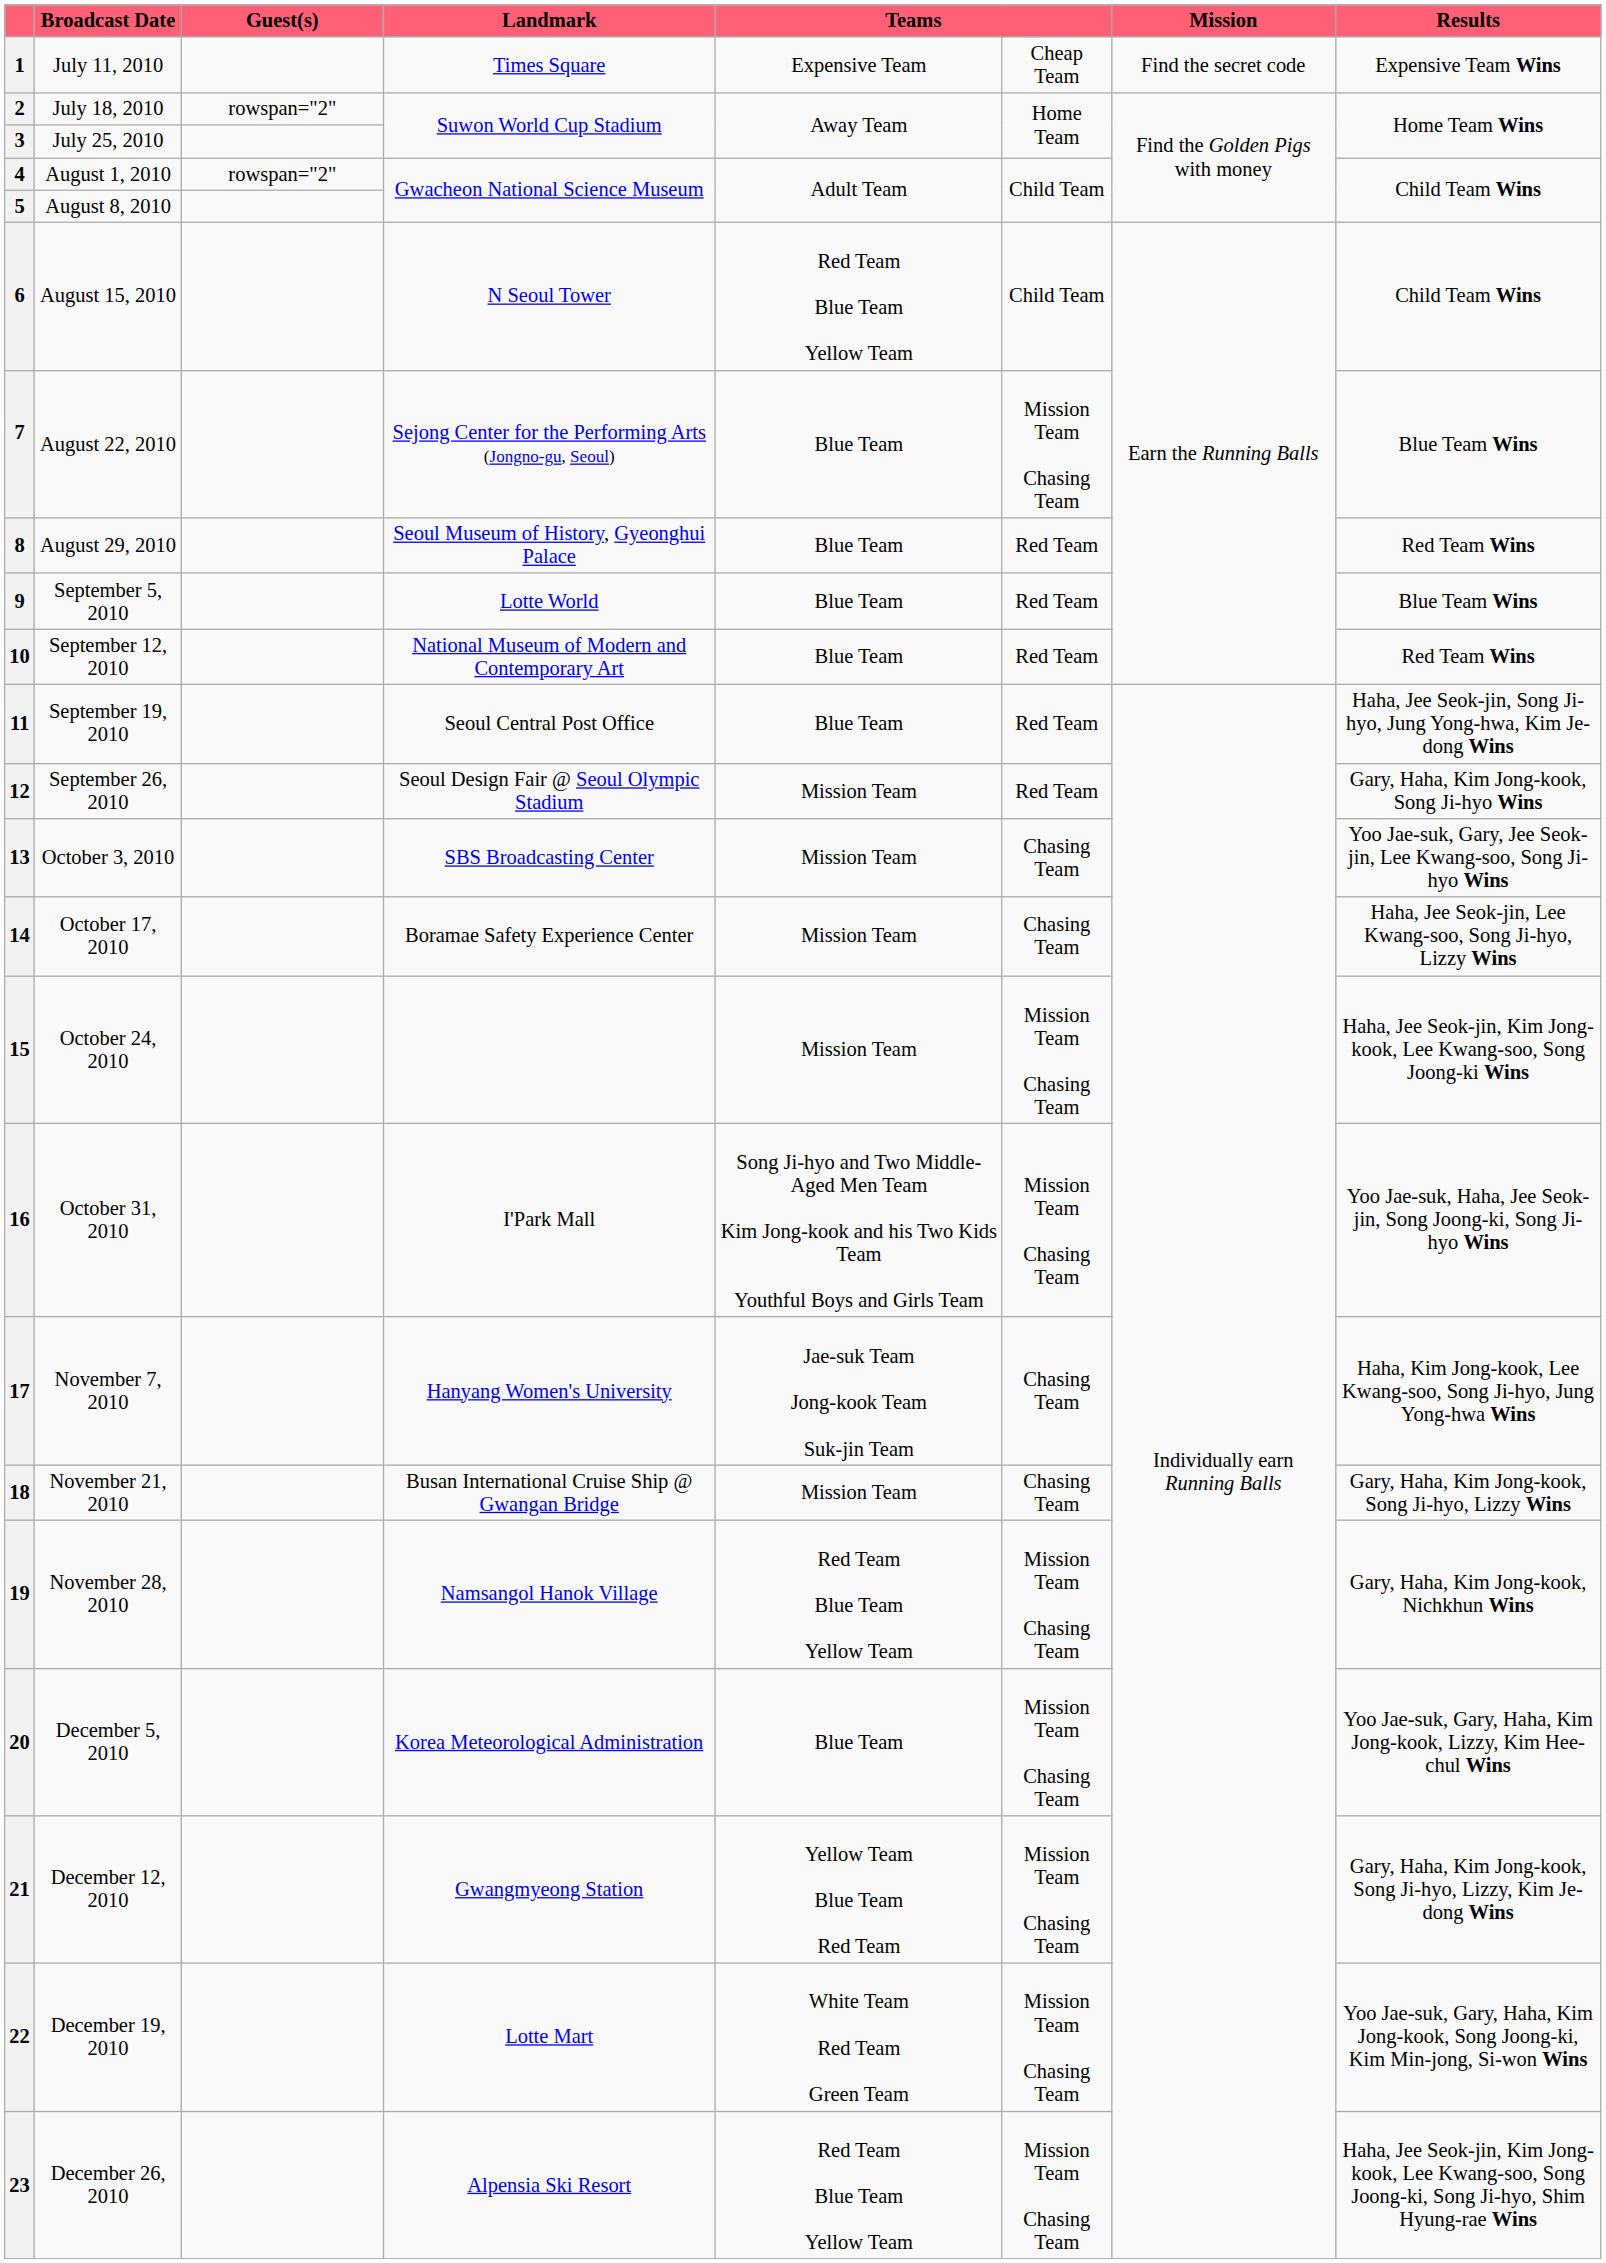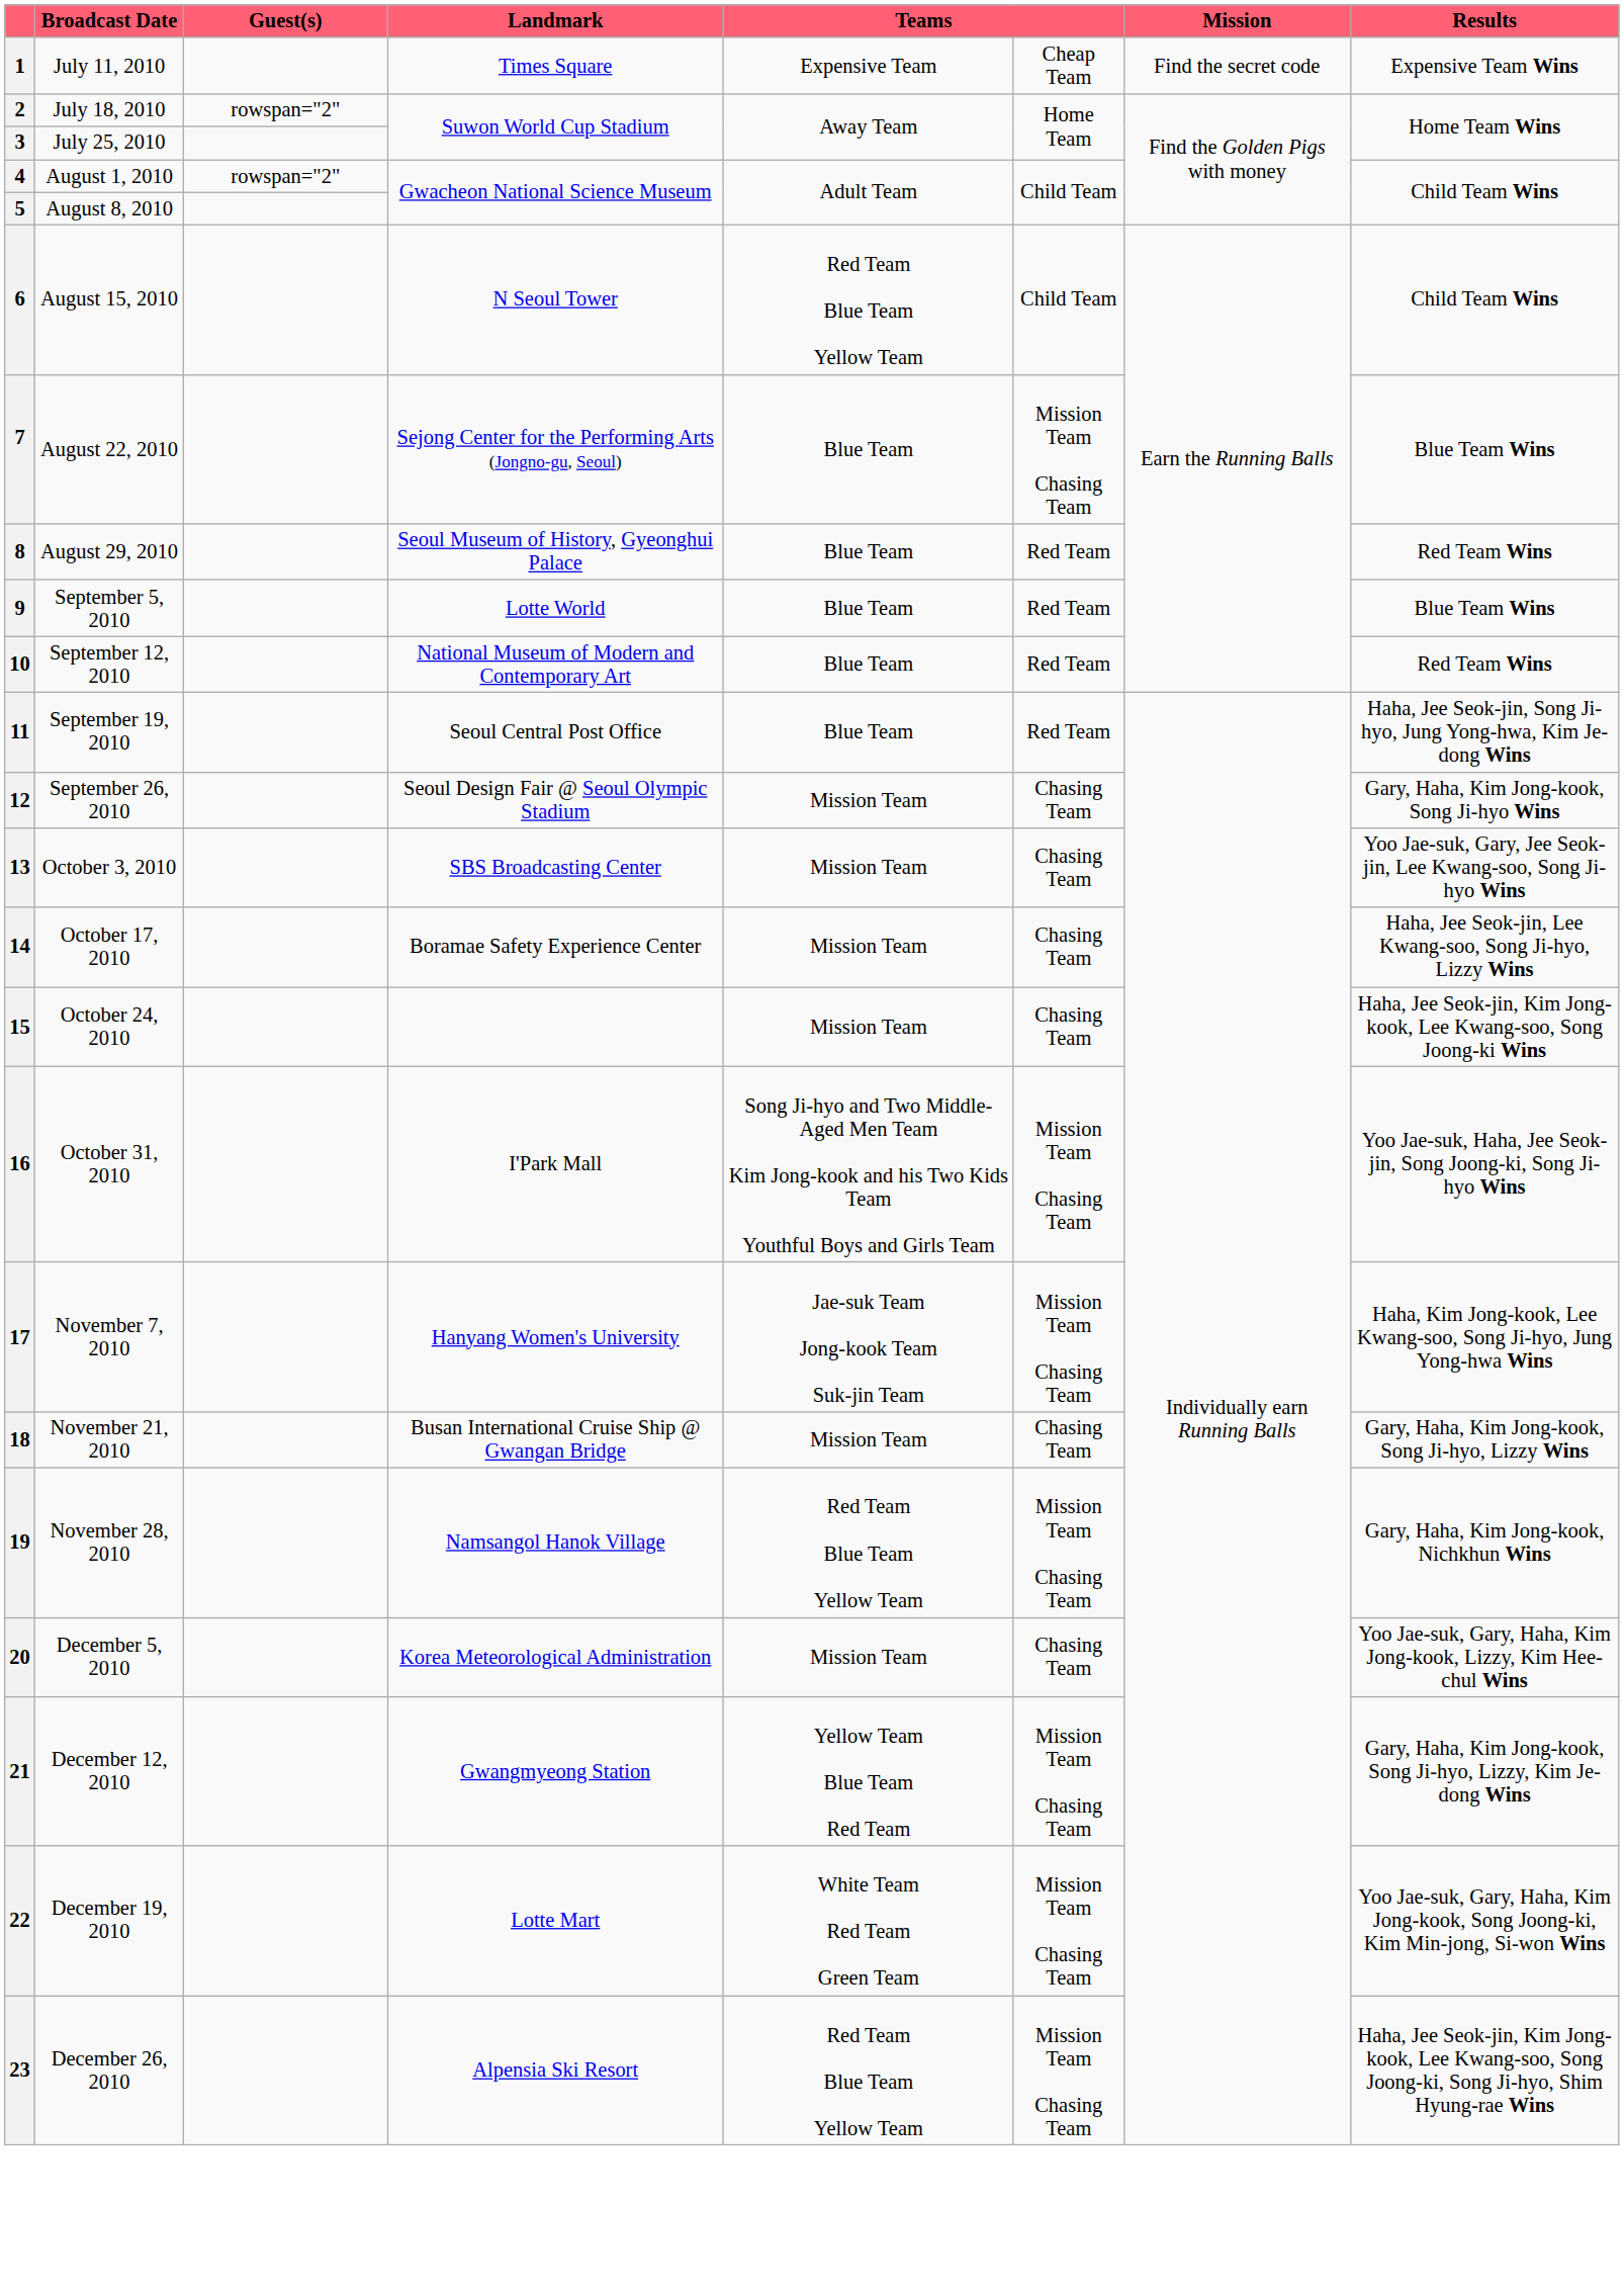 <table class="wikitable" style="text-align:center">
 <tr>
 <th style="background:#FF6075"></th>
 <th style="background:#FF6075">Broadcast Date <br></th>
 <th style="background:#FF6075; width:150px;">Guest(s)</th>
 <th style="background:#FF6075">Landmark</th>
 <th style="background:#FF6075" colspan="2">Teams</th>
 <th style="background:#FF6075">Mission</th>
 <th style="background:#FF6075; width:200px;">Results</th>
 </tr>
 <tr>
 <th>1</th>
 <td>July 11, 2010<br></td>
 <td></td>
 <td><a href='#'>Times Square</a><br></td>
 <td>Expensive Team<br></td>
 <td>Cheap Team<br></td>
 <td>Find the secret code</td>
 <td>Expensive Team <strong>Wins</strong><br></td>
 </tr>
 <tr>
 <th>2</th>
 <td>July 18, 2010<br></td>
 <td>rowspan="2" </td>
 <td rowspan="2"><a href='#'>Suwon World Cup Stadium</a><br></td>
 <td rowspan="2">Away Team<br></td>
 <td rowspan="2">Home Team<br></td>
 <td rowspan="4">Find the <em>Golden Pigs</em> with money</td>
 <td rowspan="2">Home Team <strong>Wins</strong><br></td>
 </tr>
 <tr>
 <th>3</th>
 <td>July 25, 2010<br></td>
 </tr>
 <tr>
 <th>4</th>
 <td>August 1, 2010<br></td>
 <td>rowspan="2" </td>
 <td rowspan="2"><a href='#'>Gwacheon National Science Museum</a><br></td>
 <td rowspan="2">Adult Team<br></td>
 <td rowspan="2">Child Team<br></td>
 <td rowspan="2">Child Team <strong>Wins</strong><br></td>
 </tr>
 <tr>
 <th>5</th>
 <td>August 8, 2010<br></td>
 </tr>
 <tr>
 <th>6<br></th>
 <td>August 15, 2010 <br></td>
 <td></td>
 <td><a href='#'>N Seoul Tower</a><br></td>
 <td><br>Red Team<br><br>Blue Team<br><br>Yellow Team<br></td>
 <td>Child Team<br></td>
 <td rowspan="5">Earn the <em>Running Balls</em></td>
 <td>Child Team <strong>Wins</strong><br></td>
 </tr>
 <tr>
 <th>7<br><br></th>
 <td>August 22, 2010<br></td>
 <td></td>
 <td><a href='#'>Sejong Center for the Performing Arts</a><br><small>(<a href='#'>Jongno-gu</a>, <a href='#'>Seoul</a>)</small></td>
 <td>Blue Team<br></td>
 <td><br>Mission Team<br><br>Chasing Team<br></td>
 <td>Blue Team <strong>Wins</strong><br></td>
 </tr>
 <tr>
 <th>8<br></th>
 <td>August 29, 2010<br></td>
 <td></td>
 <td><a href='#'>Seoul Museum of History</a>, <a href='#'>Gyeonghui Palace</a><br></td>
 <td>Blue Team<br></td>
 <td>Red Team<br></td>
 <td>Red Team <strong>Wins</strong><br></td>
 </tr>
 <tr>
 <th>9<br></th>
 <td>September 5, 2010<br></td>
 <td></td>
 <td><a href='#'>Lotte World</a><br></td>
 <td>Blue Team<br></td>
 <td>Red Team<br></td>
 <td>Blue Team <strong>Wins</strong><br></td>
 </tr>
 <tr>
 <th>10</th>
 <td>September 12, 2010<br></td>
 <td></td>
 <td><a href='#'>National Museum of Modern and Contemporary Art</a><br></td>
 <td>Blue Team<br></td>
 <td>Red Team<br></td>
 <td>Red Team <strong>Wins</strong><br></td>
 </tr>
 <tr>
 <th>11<br></th>
 <td>September 19, 2010<br></td>
 <td></td>
 <td>Seoul Central Post Office<br></td>
 <td>Blue Team<br></td>
 <td>Red Team<br></td>
 <td rowspan="13">Individually earn <em>Running Balls</em></td>
 <td>Haha, Jee Seok-jin, Song Ji-hyo, Jung Yong-hwa, Kim Je-dong <strong>Wins</strong><br></td>
 </tr>
 <tr>
 <th>12<br></th>
 <td>September 26, 2010<br></td>
 <td></td>
 <td>Seoul Design Fair @ <a href='#'>Seoul Olympic Stadium</a><br></td>
 <td>Mission Team<br></td>
-<td>Red Team<br></td>
+<td>Chasing Team<br></td>
 <td>Gary, Haha, Kim Jong-kook, Song Ji-hyo <strong>Wins</strong><br></td>
 </tr>
 <tr>
 <th>13<br></th>
 <td>October 3, 2010<br></td>
 <td></td>
 <td><a href='#'>SBS Broadcasting Center</a><br></td>
 <td>Mission Team<br></td>
 <td>Chasing Team<br></td>
 <td>Yoo Jae-suk, Gary, Jee Seok-jin, Lee Kwang-soo, Song Ji-hyo <strong>Wins</strong><br></td>
 </tr>
 <tr>
 <th>14</th>
 <td>October 17, 2010<br></td>
 <td></td>
 <td>Boramae Safety Experience Center<br></td>
 <td>Mission Team<br></td>
 <td>Chasing Team<br></td>
 <td>Haha, Jee Seok-jin, Lee Kwang-soo, Song Ji-hyo, Lizzy <strong>Wins</strong><br></td>
 </tr>
 <tr>
 <th>15</th>
 <td>October 24, 2010<br></td>
 <td></td>
 <td><br></td>
 <td>Mission Team<br></td>
-<td><br>Mission Team<br><br>Chasing Team<br></td>
+<td>Chasing Team<br></td>
 <td>Haha, Jee Seok-jin, Kim Jong-kook, Lee Kwang-soo, Song Joong-ki <strong>Wins</strong><br></td>
 </tr>
 <tr>
 <th>16</th>
 <td>October 31, 2010<br></td>
 <td></td>
 <td>I'Park Mall<br></td>
 <td><br>Song Ji-hyo and Two Middle-Aged Men Team<br><br>Kim Jong-kook and his Two Kids Team<br><br>Youthful Boys and Girls Team<br></td>
 <td><br>Mission Team<br><br>Chasing Team<br></td>
 <td>Yoo Jae-suk, Haha, Jee Seok-jin, Song Joong-ki, Song Ji-hyo <strong>Wins</strong><br></td>
 </tr>
 <tr>
 <th>17</th>
 <td>November 7, 2010<br></td>
 <td></td>
 <td><a href='#'>Hanyang Women's University</a><br></td>
 <td><br>Jae-suk Team<br><br>Jong-kook Team<br><br>Suk-jin Team<br></td>
-<td>Chasing Team<br></td>
+<td><br>Mission Team<br><br>Chasing Team<br></td>
 <td>Haha, Kim Jong-kook, Lee Kwang-soo, Song Ji-hyo, Jung Yong-hwa <strong>Wins</strong><br></td>
 </tr>
 <tr>
 <th>18<br></th>
 <td>November 21, 2010<br></td>
 <td></td>
 <td>Busan International Cruise Ship @ <a href='#'>Gwangan Bridge</a><br></td>
 <td>Mission Team<br></td>
 <td>Chasing Team<br></td>
 <td>Gary, Haha, Kim Jong-kook, Song Ji-hyo, Lizzy <strong>Wins</strong><br></td>
 </tr>
 <tr>
 <th>19</th>
 <td>November 28, 2010<br></td>
 <td></td>
 <td><a href='#'>Namsangol Hanok Village</a><br></td>
 <td><br>Red Team<br><br>Blue Team<br><br>Yellow Team<br></td>
 <td><br>Mission Team<br><br>Chasing Team<br></td>
 <td>Gary, Haha, Kim Jong-kook, Nichkhun <strong>Wins</strong><br></td>
 </tr>
 <tr>
 <th>20<br></th>
 <td>December 5, 2010<br></td>
 <td></td>
 <td><a href='#'>Korea Meteorological Administration</a><br></td>
-<td>Blue Team<br></td>
-<td><br>Mission Team<br><br>Chasing Team<br></td>
+<td>Mission Team<br></td>
+<td>Chasing Team<br></td>
 <td>Yoo Jae-suk, Gary, Haha, Kim Jong-kook, Lizzy, Kim Hee-chul <strong>Wins</strong><br></td>
 </tr>
 <tr>
 <th>21</th>
 <td>December 12, 2010<br></td>
 <td></td>
 <td><a href='#'>Gwangmyeong Station</a><br></td>
 <td><br>Yellow Team<br><br>Blue Team<br><br>Red Team<br></td>
 <td><br>Mission Team <br><br>Chasing Team <br></td>
 <td>Gary, Haha, Kim Jong-kook, Song Ji-hyo, Lizzy, Kim Je-dong <strong>Wins</strong><br></td>
 </tr>
 <tr>
 <th>22<br></th>
 <td>December 19, 2010<br></td>
 <td></td>
 <td><a href='#'>Lotte Mart</a><br></td>
 <td><br>White Team<br><br>Red Team<br><br>Green Team<br></td>
 <td><br>Mission Team<br><br>Chasing Team<br></td>
 <td>Yoo Jae-suk, Gary, Haha, Kim Jong-kook, Song Joong-ki, Kim Min-jong, Si-won <strong>Wins</strong><br></td>
 </tr>
 <tr>
 <th>23<br></th>
 <td>December 26, 2010<br></td>
 <td></td>
 <td><a href='#'>Alpensia Ski Resort</a><br></td>
 <td><br>Red Team<br><br>Blue Team<br><br>Yellow Team<br></td>
 <td><br>Mission Team<br><br>Chasing Team<br></td>
 <td>Haha, Jee Seok-jin, Kim Jong-kook, Lee Kwang-soo, Song Joong-ki, Song Ji-hyo, Shim Hyung-rae <strong>Wins</strong><br></td>
 </tr>
 </table>
